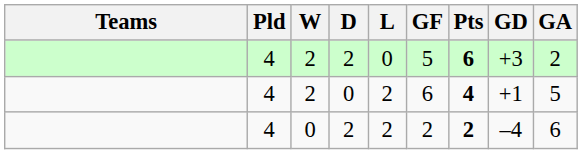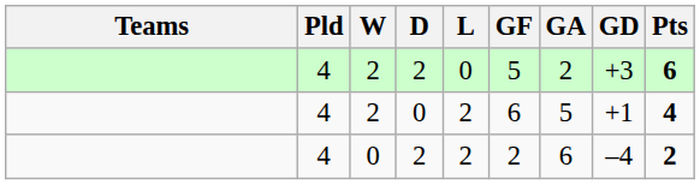 <table class="wikitable" style="text-align: center;">
 <tr>
 <th width=165>Teams</th>
 <th width=20>Pld</th>
 <th width=20>W</th>
 <th width=20>D</th>
 <th width=20>L</th>
 <th width=20>GF</th>
+<th width=20>GA</th>
+<th width=20>GD</th>
 <th width=20>Pts</th>
-<th width=20>GD</th>
-<th width=20>GA</th>
 </tr>
 <tr align=center style="background:#ccffcc;">
 <td style="text-align:left;"></td>
 <td>4</td>
 <td>2</td>
 <td>2</td>
 <td>0</td>
 <td>5</td>
+<td>2</td>
+<td>+3</td>
 <td><strong>6</strong></td>
-<td>+3</td>
-<td>2</td>
 </tr>
 <tr align=center>
 <td style="text-align:left;"></td>
 <td>4</td>
 <td>2</td>
 <td>0</td>
 <td>2</td>
 <td>6</td>
+<td>5</td>
+<td>+1</td>
 <td><strong>4</strong></td>
-<td>+1</td>
-<td>5</td>
 </tr>
 <tr align=center>
 <td style="text-align:left;"></td>
 <td>4</td>
 <td>0</td>
 <td>2</td>
 <td>2</td>
 <td>2</td>
+<td>6</td>
+<td>–4</td>
 <td><strong>2</strong></td>
-<td>–4</td>
-<td>6</td>
 </tr>
 </table>
